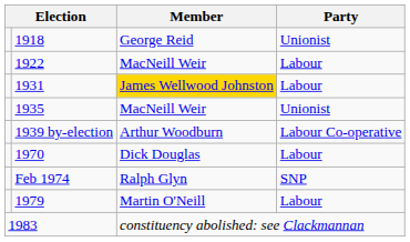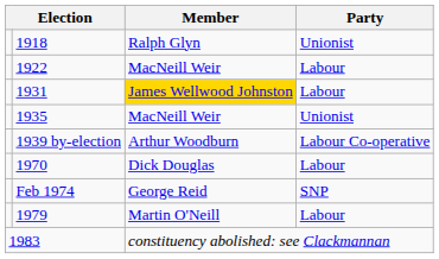 <table class="wikitable">
 <tr>
 <th colspan="2">Election</th>
 <th>Member </th>
 <th>Party</th>
 </tr>
 <tr>
 <td style="color:inherit;background-color: "></td>
 <td><a href='#'>1918</a></td>
-<td><a href='#'>George Reid</a></td>
+<td><a href='#'>Ralph Glyn</a></td>
 <td><a href='#'>Unionist</a></td>
 </tr>
 <tr>
 <td style="color:inherit;background-color: "></td>
 <td><a href='#'>1922</a></td>
 <td><a href='#'>MacNeill Weir</a></td>
 <td><a href='#'>Labour</a></td>
 </tr>
 <tr>
 <td style="color:inherit;background-color: "></td>
 <td><a href='#'>1931</a></td>
 <td style="background: gold;"><a href='#'>James Wellwood Johnston</a></td>
 <td><a href='#'>Labour</a></td>
 </tr>
 <tr>
 <td style="color:inherit;background-color: "></td>
 <td><a href='#'>1935</a></td>
 <td><a href='#'>MacNeill Weir</a></td>
 <td><a href='#'>Unionist</a></td>
 </tr>
 <tr>
 <td style="color:inherit;background-color: "></td>
 <td><a href='#'>1939 by-election</a></td>
 <td><a href='#'>Arthur Woodburn</a></td>
 <td><a href='#'>Labour Co-operative</a></td>
 </tr>
 <tr>
 <td style="color:inherit;background-color: "></td>
 <td><a href='#'>1970</a></td>
 <td><a href='#'>Dick Douglas</a></td>
 <td><a href='#'>Labour</a></td>
 </tr>
 <tr>
 <td style="color:inherit;background-color: "></td>
 <td><a href='#'>Feb 1974</a></td>
-<td><a href='#'>Ralph Glyn</a></td>
+<td><a href='#'>George Reid</a></td>
 <td><a href='#'>SNP</a></td>
 </tr>
 <tr>
 <td style="color:inherit;background-color: "></td>
 <td><a href='#'>1979</a></td>
 <td><a href='#'>Martin O'Neill</a></td>
 <td><a href='#'>Labour</a></td>
 </tr>
 <tr>
 <td colspan="2"><a href='#'>1983</a></td>
 <td colspan="2"><em>constituency abolished: see <a href='#'>Clackmannan</a></em></td>
 </tr>
 </table>
